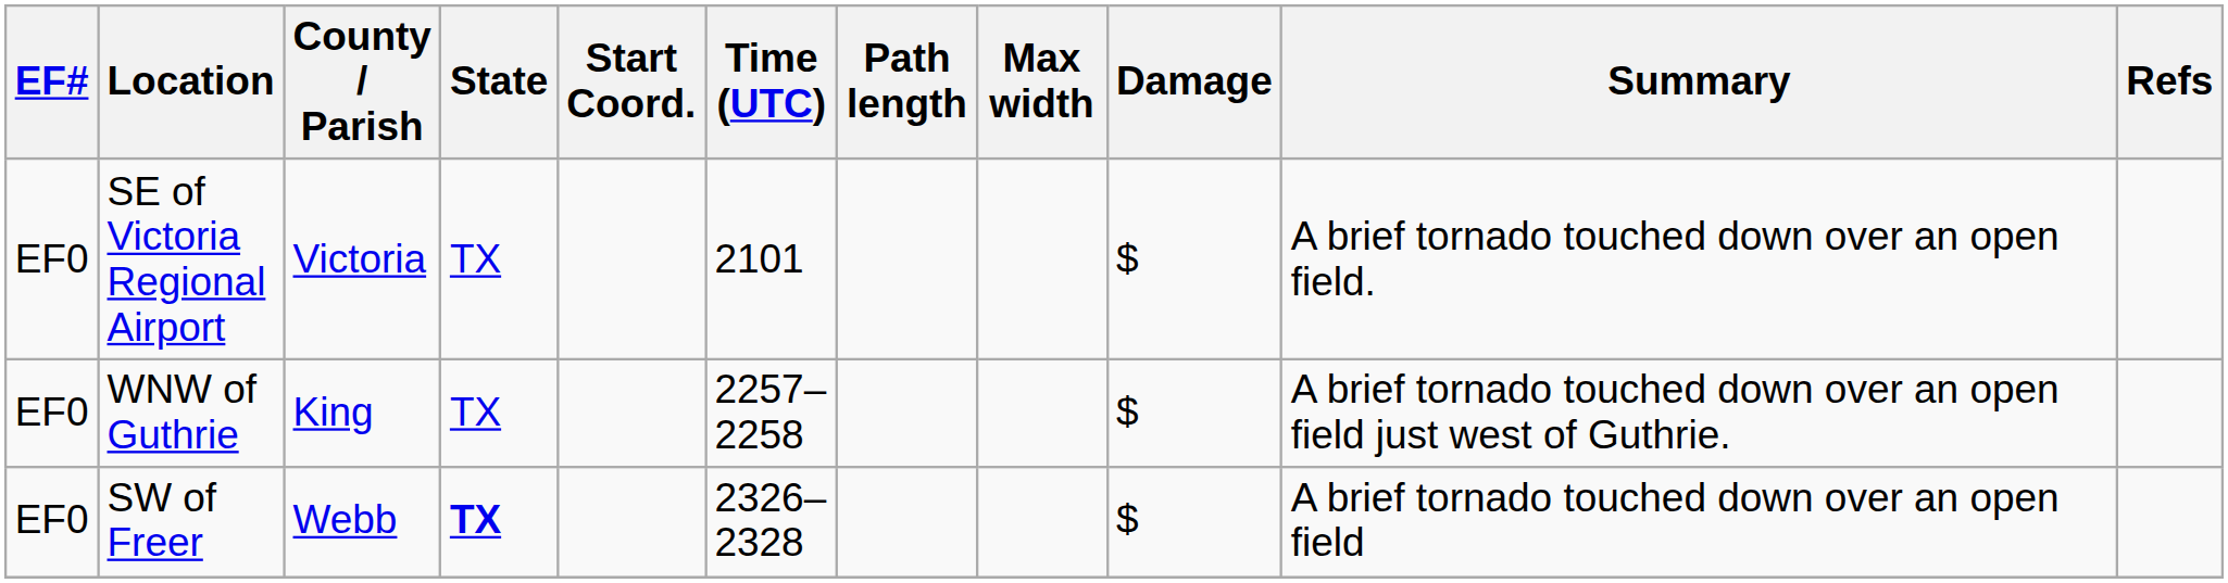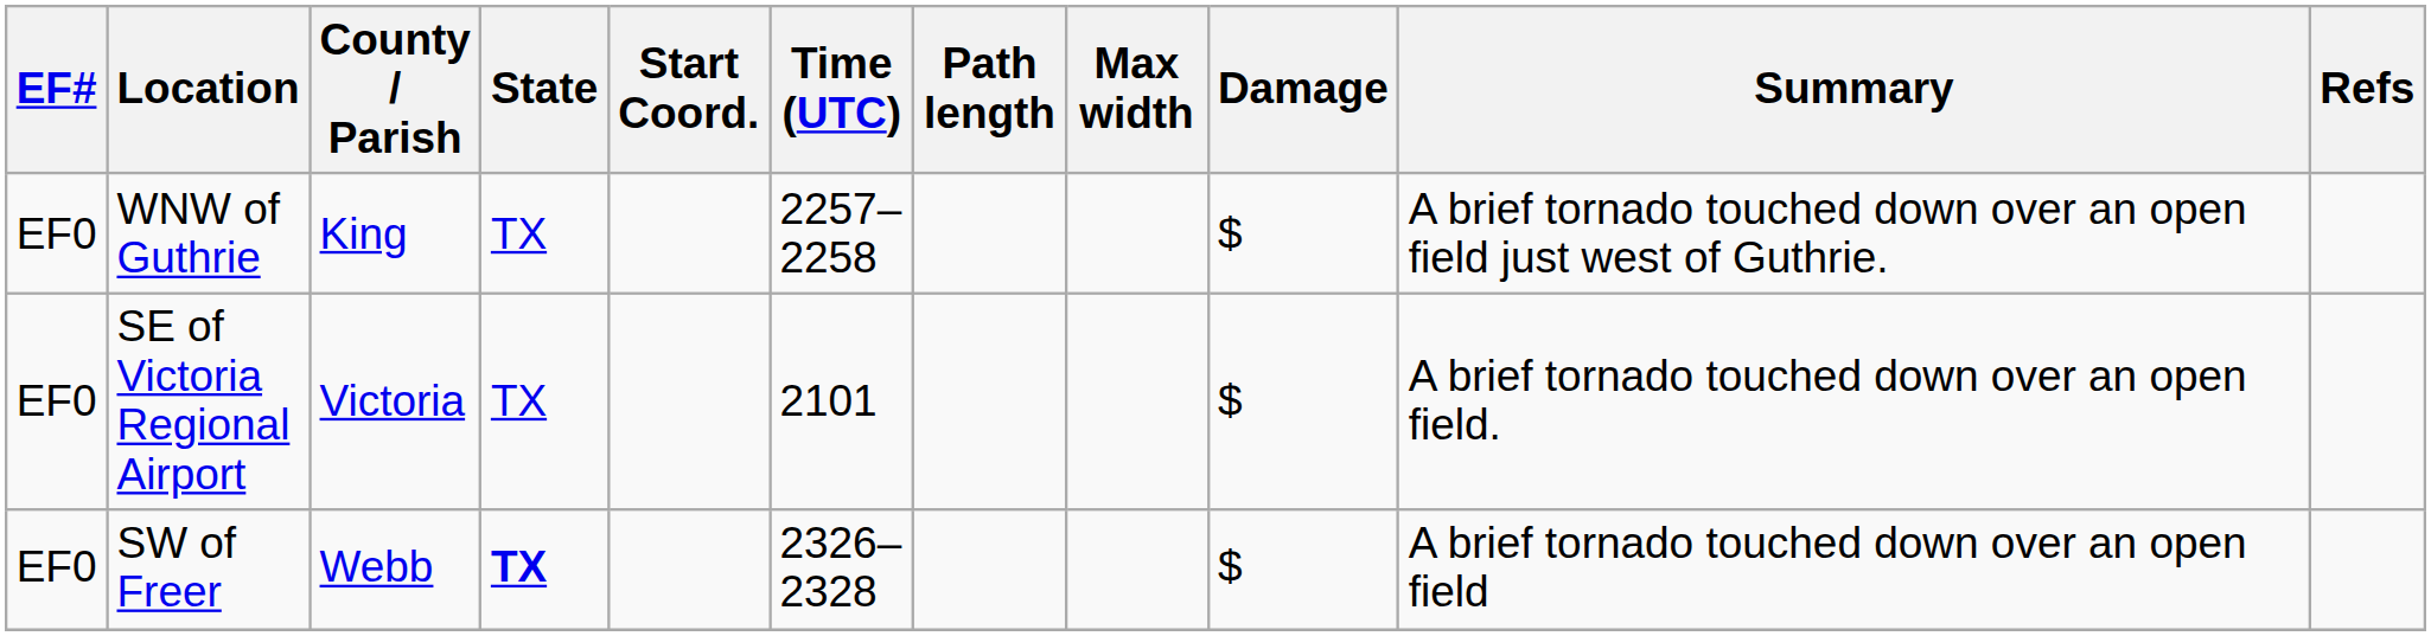 <table class="wikitable sortable" style="width:100%;">
 <tr>
 <th scope="col" width="3%" align="center"><a href='#'>EF#</a></th>
 <th scope="col" width="7%" align="center" class="unsortable">Location</th>
 <th scope="col" width="6%" align="center" class="unsortable">County / Parish</th>
 <th scope="col" width="5%" align="center">State</th>
 <th scope="col" width="6%" align="center">Start Coord.</th>
 <th scope="col" width="6%" align="center">Time (<a href='#'>UTC</a>)</th>
 <th scope="col" width="6%" align="center">Path length</th>
 <th scope="col" width="6%" align="center">Max width</th>
 <th scope="col" width="6%" align="center">Damage</th>
 <th scope="col" width="48%" class="unsortable" align="center">Summary</th>
 <th scope="col" width="48%" class="unsortable" align="center">Refs</th>
 </tr>
 <tr>
 <td>EF0</td>
+<td>WNW of <a href='#'>Guthrie</a></td>
+<td><a href='#'>King</a></td>
+<td><a href='#'>TX</a></td>
+<td></td>
+<td>2257–2258</td>
+<td></td>
+<td></td>
+<td>$</td>
+<td>A brief tornado touched down over an open field just west of Guthrie.</td>
+<td></td>
+</tr>
+<tr>
+<td>EF0</td>
 <td>SE of <a href='#'>Victoria Regional Airport</a></td>
 <td><a href='#'>Victoria</a></td>
 <td><a href='#'>TX</a></td>
 <td></td>
 <td>2101</td>
 <td></td>
 <td></td>
 <td>$</td>
 <td>A brief tornado touched down over an open field.</td>
-<td></td>
-</tr>
-<tr>
-<td>EF0</td>
-<td>WNW of <a href='#'>Guthrie</a></td>
-<td><a href='#'>King</a></td>
-<td><a href='#'>TX</a></td>
-<td></td>
-<td>2257–2258</td>
-<td></td>
-<td></td>
-<td>$</td>
-<td>A brief tornado touched down over an open field just west of Guthrie.</td>
 <td></td>
 </tr>
 <tr>
 <td>EF0</td>
 <td>SW of <a href='#'>Freer</a></td>
 <td><a href='#'>Webb</a></td>
 <td><strong><a href='#'>TX</a></strong></td>
 <td></td>
 <td>2326–2328</td>
 <td></td>
 <td></td>
 <td>$</td>
 <td>A brief tornado touched down over an open field</td>
 <td></td>
 </tr>
 <tr>
 </tr>
 </table>
